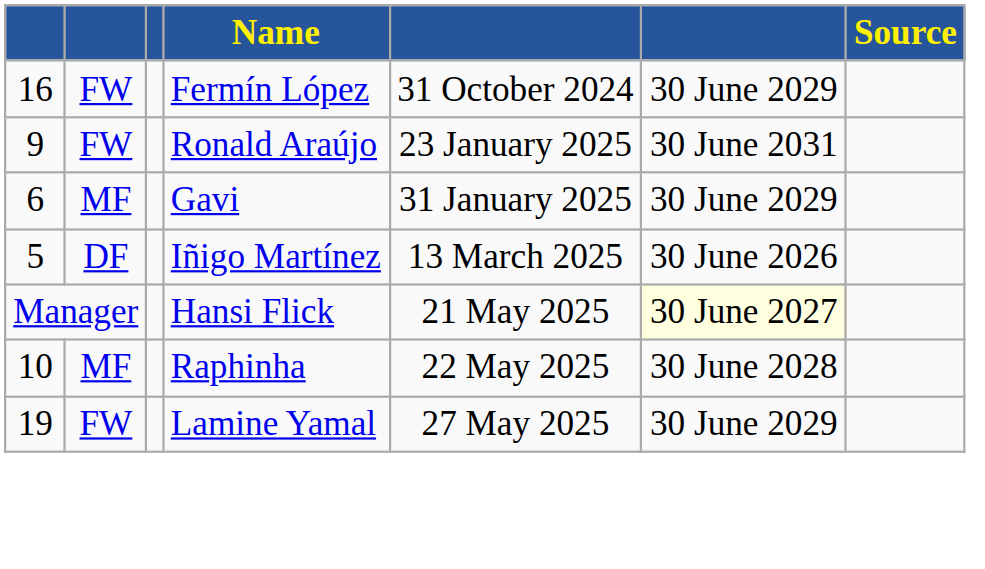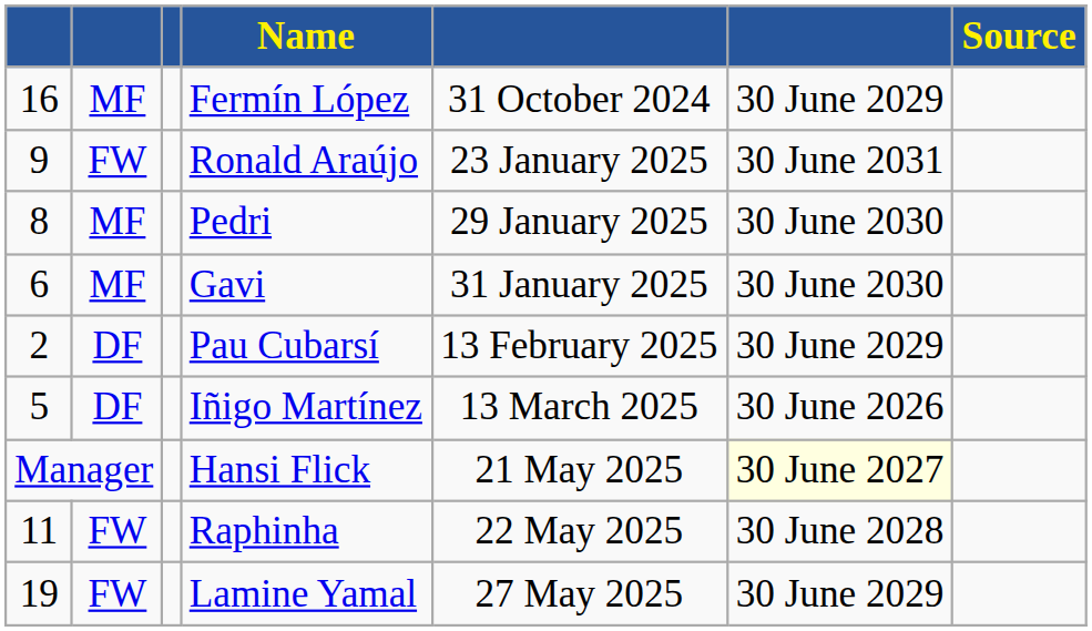 <table class="wikitable">
 <tr>
 <th style="background:#26559B;color:#FFF000;"></th>
 <th style="background:#26559B;color:#FFF000;"></th>
 <th style="background:#26559B;color:#FFF000;"></th>
 <th style="background:#26559B;color:#FFF000;">Name</th>
 <th style="background:#26559B;color:#FFF000;"></th>
 <th style="background:#26559B;color:#FFF000;"></th>
 <th style="background:#26559B;color:#FFF000;">Source</th>
 </tr>
 <tr>
 <td style="text-align:center">16</td>
-<td style="text-align:center"><a href='#'>FW</a></td>
+<td style="text-align:center"><a href='#'>MF</a></td>
 <td style="text-align:center"></td>
 <td><a href='#'>Fermín López</a></td>
 <td style="text-align:center">31 October 2024</td>
 <td style="text-align:center">30 June 2029</td>
 <td style="text-align:center"></td>
 </tr>
 <tr>
 <td style="text-align:center">9</td>
 <td style="text-align:center"><a href='#'>FW</a></td>
 <td style="text-align:center"></td>
 <td><a href='#'>Ronald Araújo</a></td>
 <td style="text-align:center">23 January 2025</td>
 <td style="text-align:center">30 June 2031</td>
 <td style="text-align:center"></td>
 </tr>
 <tr>
+<td style="text-align:center">8</td>
+<td style="text-align:center"><a href='#'>MF</a></td>
+<td style="text-align:center"></td>
+<td><a href='#'>Pedri</a></td>
+<td style="text-align:center">29 January 2025</td>
+<td style="text-align:center">30 June 2030</td>
+<td style="text-align:center"></td>
+</tr>
+<tr>
 <td style="text-align:center">6</td>
 <td style="text-align:center"><a href='#'>MF</a></td>
 <td style="text-align:center"></td>
 <td><a href='#'>Gavi</a></td>
 <td style="text-align:center">31 January 2025</td>
+<td style="text-align:center">30 June 2030</td>
+<td style="text-align:center"></td>
+</tr>
+<tr>
+<td style="text-align:center">2</td>
+<td style="text-align:center"><a href='#'>DF</a></td>
+<td style="text-align:center"></td>
+<td><a href='#'>Pau Cubarsí</a></td>
+<td style="text-align:center">13 February 2025</td>
 <td style="text-align:center">30 June 2029</td>
 <td style="text-align:center"></td>
 </tr>
 <tr>
 <td style="text-align:center">5</td>
 <td style="text-align:center"><a href='#'>DF</a></td>
 <td style="text-align:center"></td>
 <td><a href='#'>Iñigo Martínez</a></td>
 <td style="text-align:center">13 March 2025</td>
 <td style="text-align:center">30 June 2026</td>
 <td style="text-align:center"></td>
 </tr>
 <tr>
 <td colspan=2 style="text-align:center"><a href='#'>Manager</a></td>
 <td style="text-align:center"></td>
 <td><a href='#'>Hansi Flick</a></td>
 <td style="text-align:center">21 May 2025</td>
 <td style="background: lightyellow; text-align:center">30 June 2027</td>
 <td style="text-align:center"></td>
 </tr>
 <tr>
-<td style="text-align:center">10</td>
-<td style="text-align:center"><a href='#'>MF</a></td>
+<td style="text-align:center">11</td>
+<td style="text-align:center"><a href='#'>FW</a></td>
 <td style="text-align:center"></td>
 <td><a href='#'>Raphinha</a></td>
 <td style="text-align:center">22 May 2025</td>
 <td style="text-align:center">30 June 2028</td>
 <td style="text-align:center"></td>
 </tr>
 <tr>
 <td style="text-align:center">19</td>
 <td style="text-align:center"><a href='#'>FW</a></td>
 <td style="text-align:center"></td>
 <td><a href='#'>Lamine Yamal</a></td>
 <td style="text-align:center">27 May 2025</td>
 <td style="text-align:center">30 June 2029</td>
 <td style="text-align:center"></td>
 </tr>
 </table>
